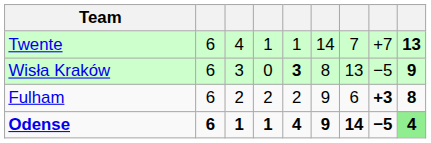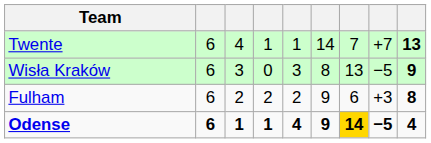 <table class="wikitable" style="text-align: center;">
 <tr>
 <th width=175>Team</th>
 <th width=20></th>
 <th width=20></th>
 <th width=20></th>
 <th width=20></th>
 <th width=20></th>
 <th width=20></th>
 <th width=20></th>
 <th width=20></th>
 </tr>
 <tr style="background:#cfc;">
 <td align=left> <a href='#'>Twente</a></td>
 <td>6</td>
 <td>4</td>
 <td>1</td>
 <td>1</td>
 <td>14</td>
 <td>7</td>
 <td>+7</td>
 <td><strong>13</strong></td>
 </tr>
 <tr style="background:#cfc;">
 <td align=left> <a href='#'>Wisła Kraków</a></td>
 <td>6</td>
 <td>3</td>
 <td>0</td>
-<td><strong>3</strong></td>
+<td>3</td>
 <td>8</td>
 <td>13</td>
 <td>−5</td>
 <td><strong>9</strong></td>
 </tr>
 <tr>
 <td align=left> <a href='#'>Fulham</a></td>
 <td>6</td>
 <td>2</td>
 <td>2</td>
 <td>2</td>
 <td>9</td>
 <td>6</td>
-<td><strong>+3</strong></td>
+<td>+3</td>
 <td><strong>8</strong></td>
 </tr>
 <tr>
 <td align=left> <strong><a href='#'>Odense</a></strong></td>
 <td><strong>6</strong></td>
 <td><strong>1</strong></td>
 <td><strong>1</strong></td>
 <td><strong>4</strong></td>
 <td><strong>9</strong></td>
-<td><strong>14</strong></td>
+<td style="background: gold;"><strong>14</strong></td>
 <td><strong>−5</strong></td>
-<td style="background: lightgreen;"><strong>4</strong></td>
+<td><strong>4</strong></td>
 </tr>
 </table>
